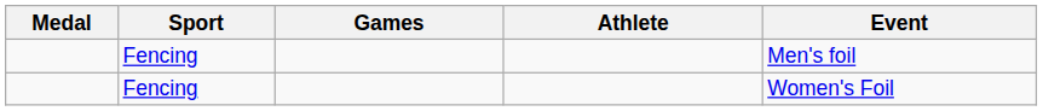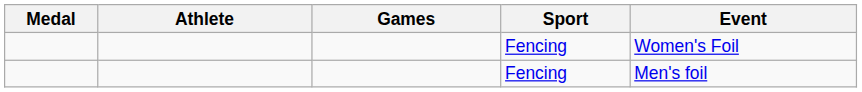 <table class="wikitable sortable" style="font-size:90%">
 <tr>
 <th width="70">Medal</th>
+<th width="170">Athlete</th>
+<th width="150">Games</th>
 <th width="100">Sport</th>
-<th width="150">Games</th>
-<th width="170">Athlete</th>
 <th width="180">Event</th>
 </tr>
 <tr>
 <td></td>
+<td> </td>
+<td></td>
 <td> <a href='#'>Fencing</a></td>
-<td></td>
-<td> </td>
-<td><a href='#'>Men's foil</a></td>
+<td><a href='#'>Women's Foil</a></td>
 </tr>
 <tr>
 <td></td>
+<td> </td>
+<td></td>
 <td> <a href='#'>Fencing</a></td>
-<td></td>
-<td> </td>
-<td><a href='#'>Women's Foil</a></td>
+<td><a href='#'>Men's foil</a></td>
 </tr>
 </table>
